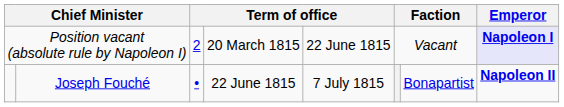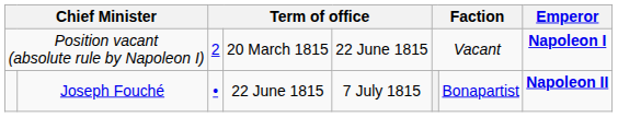 <table class="wikitable" style="text-align:center;">
 <tr>
 <th colspan=2>Chief Minister</th>
 <th colspan=3>Term of office</th>
 <th colspan=2>Faction</th>
 <th><a href='#'>Emperor</a><br></th>
 </tr>
 <tr>
 <td colspan=2><em>Position vacant<br>(absolute rule by Napoleon I)</em></td>
 <td><a href='#'>2</a></td>
 <td>20 March 1815</td>
 <td>22 June 1815</td>
 <td colspan=2><em>Vacant</em></td>
-<td style="background: lavender;"><strong><a href='#'>Napoleon I</a></strong><br><br></td>
+<td><strong><a href='#'>Napoleon I</a></strong><br><br></td>
 </tr>
 <tr>
 <td></td>
 <td><a href='#'>Joseph Fouché</a><br></td>
 <td><a href='#'>•</a></td>
 <td>22 June 1815</td>
 <td>7 July 1815</td>
 <th style="background:"></th>
 <td><a href='#'>Bonapartist</a></td>
 <td><strong><a href='#'>Napoleon II</a></strong><br><br></td>
 </tr>
 </table>
